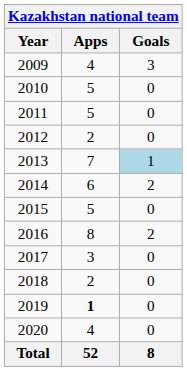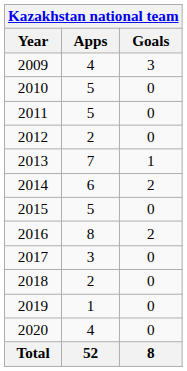 <table class="wikitable" style="text-align:center">
 <tr>
 <th colspan=3><a href='#'>Kazakhstan national team</a></th>
 </tr>
 <tr>
 <th>Year</th>
 <th>Apps</th>
 <th>Goals</th>
 </tr>
 <tr>
 <td>2009</td>
 <td>4</td>
 <td>3</td>
 </tr>
 <tr>
 <td>2010</td>
 <td>5</td>
 <td>0</td>
 </tr>
 <tr>
 <td>2011</td>
 <td>5</td>
 <td>0</td>
 </tr>
 <tr>
 <td>2012</td>
 <td>2</td>
 <td>0</td>
 </tr>
 <tr>
 <td>2013</td>
 <td>7</td>
-<td style="background: lightblue;">1</td>
+<td>1</td>
 </tr>
 <tr>
 <td>2014</td>
 <td>6</td>
 <td>2</td>
 </tr>
 <tr>
 <td>2015</td>
 <td>5</td>
 <td>0</td>
 </tr>
 <tr>
 <td>2016</td>
 <td>8</td>
 <td>2</td>
 </tr>
 <tr>
 <td>2017</td>
 <td>3</td>
 <td>0</td>
 </tr>
 <tr>
 <td>2018</td>
 <td>2</td>
 <td>0</td>
 </tr>
 <tr>
 <td>2019</td>
-<td><strong>1</strong></td>
+<td>1</td>
 <td>0</td>
 </tr>
 <tr>
 <td>2020</td>
 <td>4</td>
 <td>0</td>
 </tr>
 <tr>
 <th>Total</th>
 <th>52</th>
 <th>8</th>
 </tr>
 </table>
